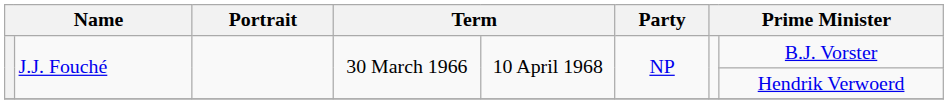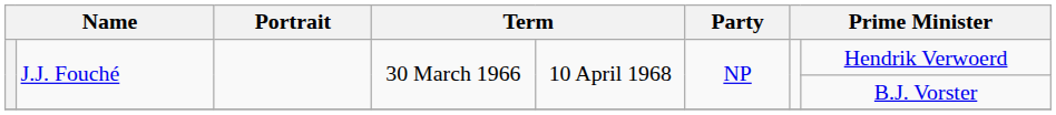 <table class="wikitable" width=60%>
 <tr>
 <th colspan=2 width=20%>Name</th>
 <th width=75>Portrait</th>
 <th colspan=2 width=30%>Term</th>
 <th width=10%>Party</th>
 <th colspan=2 width=25%>Prime Minister</th>
 </tr>
 <tr style="text-align:center">
 <th rowspan=2 style="width:1%;background-color: "></th>
 <td rowspan=2 align=left><a href='#'>J.J. Fouché</a></td>
 <td rowspan=2></td>
 <td rowspan=2>30 March 1966</td>
 <td rowspan=2>10 April 1968</td>
 <td rowspan=2><a href='#'>NP</a></td>
 <td rowspan=2 style="width:1%;background-color: "></td>
-<td><a href='#'>B.J. Vorster</a><br> </td>
+<td><a href='#'>Hendrik Verwoerd</a><br> </td>
 </tr>
 <tr style="text-align:center">
-<td><a href='#'>Hendrik Verwoerd</a><br> </td>
+<td><a href='#'>B.J. Vorster</a><br> </td>
 </tr>
 <tr>
 </tr>
 </table>
